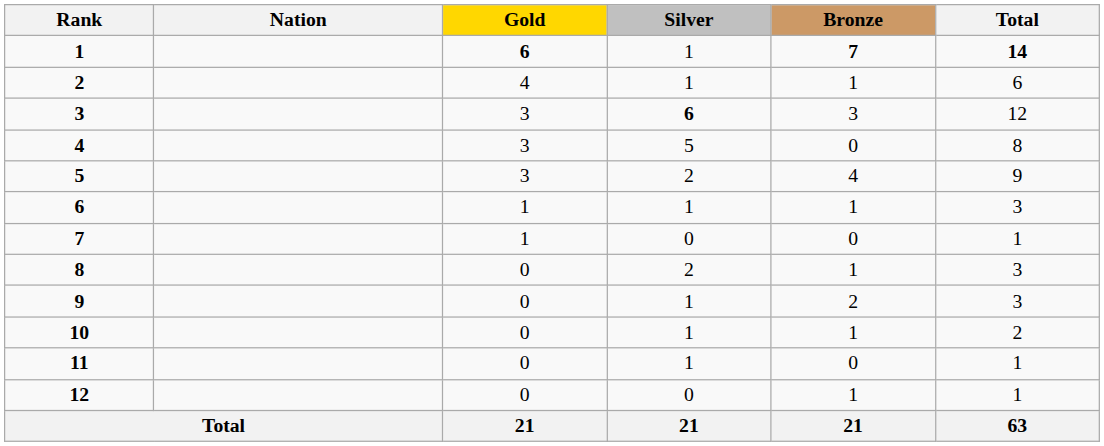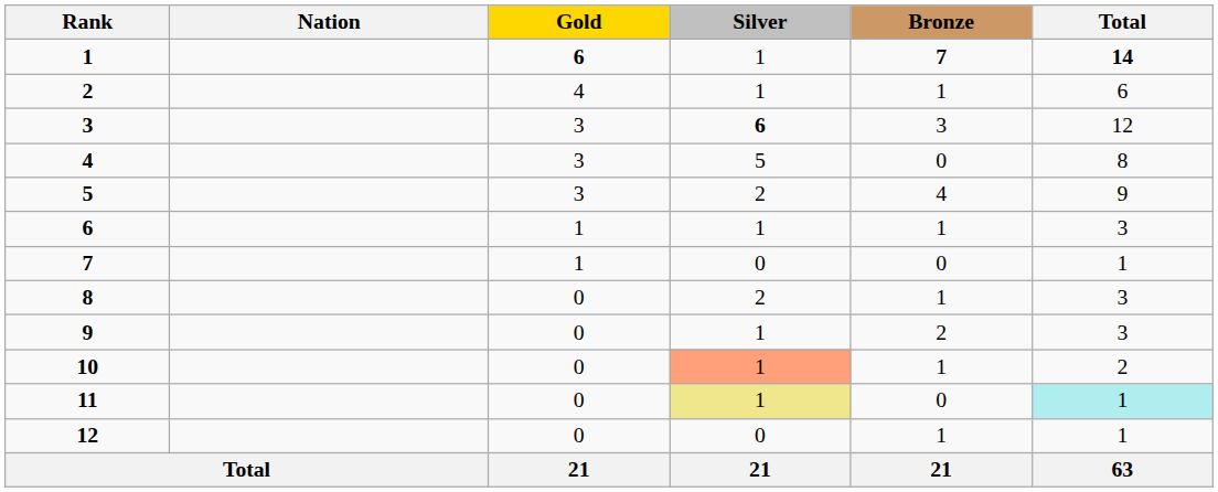 <table class="wikitable collapsible autocollapse plainrowheaders" width=70.5% style="text-align:center;">
 <tr style="background-color:#EDEDED;">
 <th width=100px class="hintergrundfarbe5">Rank</th>
 <th width=200px class="hintergrundfarbe6">Nation</th>
 <th style="background:    gold; width:15%">Gold</th>
 <th style="background:  silver; width:15%">Silver</th>
 <th style="background: #CC9966; width:15%">Bronze</th>
 <th class="hintergrundfarbe6" style="width:15%">Total</th>
 </tr>
 <tr>
 <td><strong>1</strong></td>
 <td align=left></td>
 <td><strong>6</strong></td>
 <td>1</td>
 <td><strong>7</strong></td>
 <td><strong>14</strong></td>
 </tr>
 <tr>
 <td><strong>2</strong></td>
 <td align=left></td>
 <td>4</td>
 <td>1</td>
 <td>1</td>
 <td>6</td>
 </tr>
 <tr>
 <td><strong>3</strong></td>
 <td align=left></td>
 <td>3</td>
 <td><strong>6</strong></td>
 <td>3</td>
 <td>12</td>
 </tr>
 <tr>
 <td><strong>4</strong></td>
 <td align=left><em></em></td>
 <td>3</td>
 <td>5</td>
 <td>0</td>
 <td>8</td>
 </tr>
 <tr>
 <td><strong>5</strong></td>
 <td align=left></td>
 <td>3</td>
 <td>2</td>
 <td>4</td>
 <td>9</td>
 </tr>
 <tr>
 <td><strong>6</strong></td>
 <td align=left></td>
 <td>1</td>
 <td>1</td>
 <td>1</td>
 <td>3</td>
 </tr>
 <tr>
 <td><strong>7</strong></td>
 <td align=left></td>
 <td>1</td>
 <td>0</td>
 <td>0</td>
 <td>1</td>
 </tr>
 <tr>
 <td><strong>8</strong></td>
 <td align=left></td>
 <td>0</td>
 <td>2</td>
 <td>1</td>
 <td>3</td>
 </tr>
 <tr>
 <td><strong>9</strong></td>
 <td align=left></td>
 <td>0</td>
 <td>1</td>
 <td>2</td>
 <td>3</td>
 </tr>
 <tr>
 <td><strong>10</strong></td>
 <td align=left></td>
 <td>0</td>
-<td>1</td>
+<td style="background: lightsalmon;">1</td>
 <td>1</td>
 <td>2</td>
 </tr>
 <tr>
 <td><strong>11</strong></td>
 <td align=left></td>
 <td>0</td>
-<td>1</td>
+<td style="background: khaki;">1</td>
 <td>0</td>
-<td>1</td>
+<td style="background: paleturquoise;">1</td>
 </tr>
 <tr>
 <td><strong>12</strong></td>
 <td align=left></td>
 <td>0</td>
 <td>0</td>
 <td>1</td>
 <td>1</td>
 </tr>
 <tr>
 <th colspan=2>Total</th>
 <th>21</th>
 <th>21</th>
 <th>21</th>
 <th>63</th>
 </tr>
 </table>
